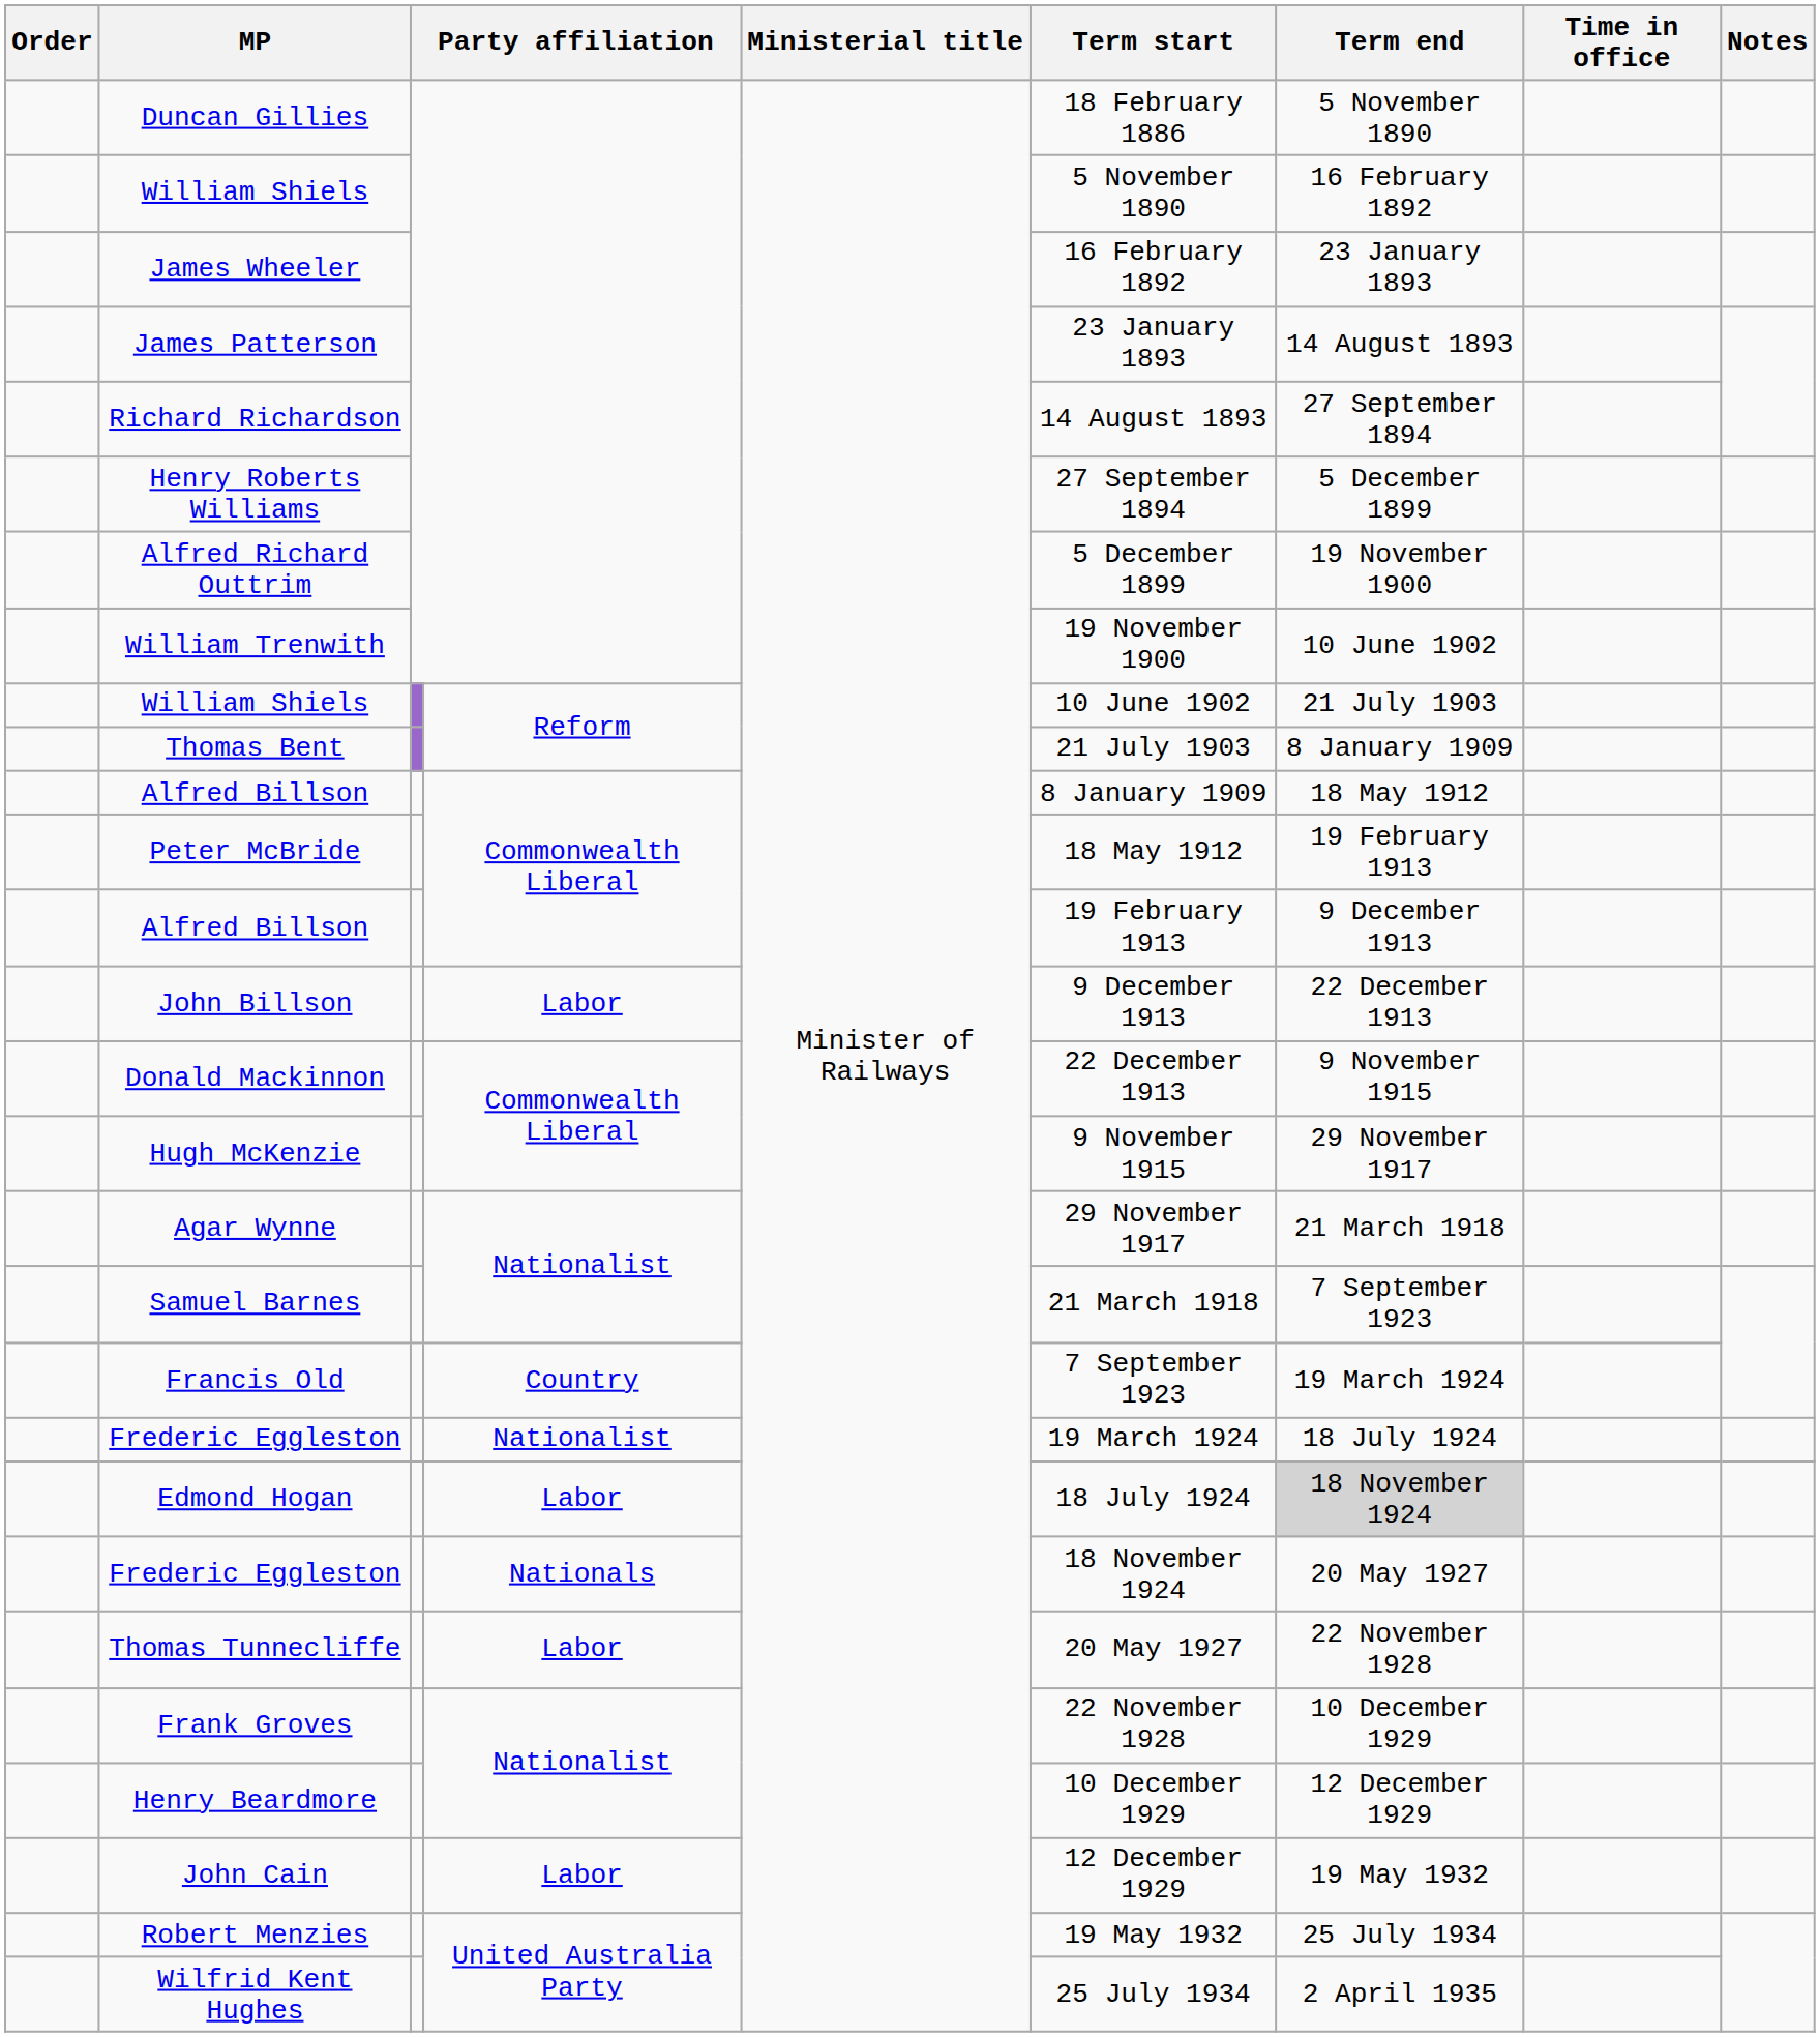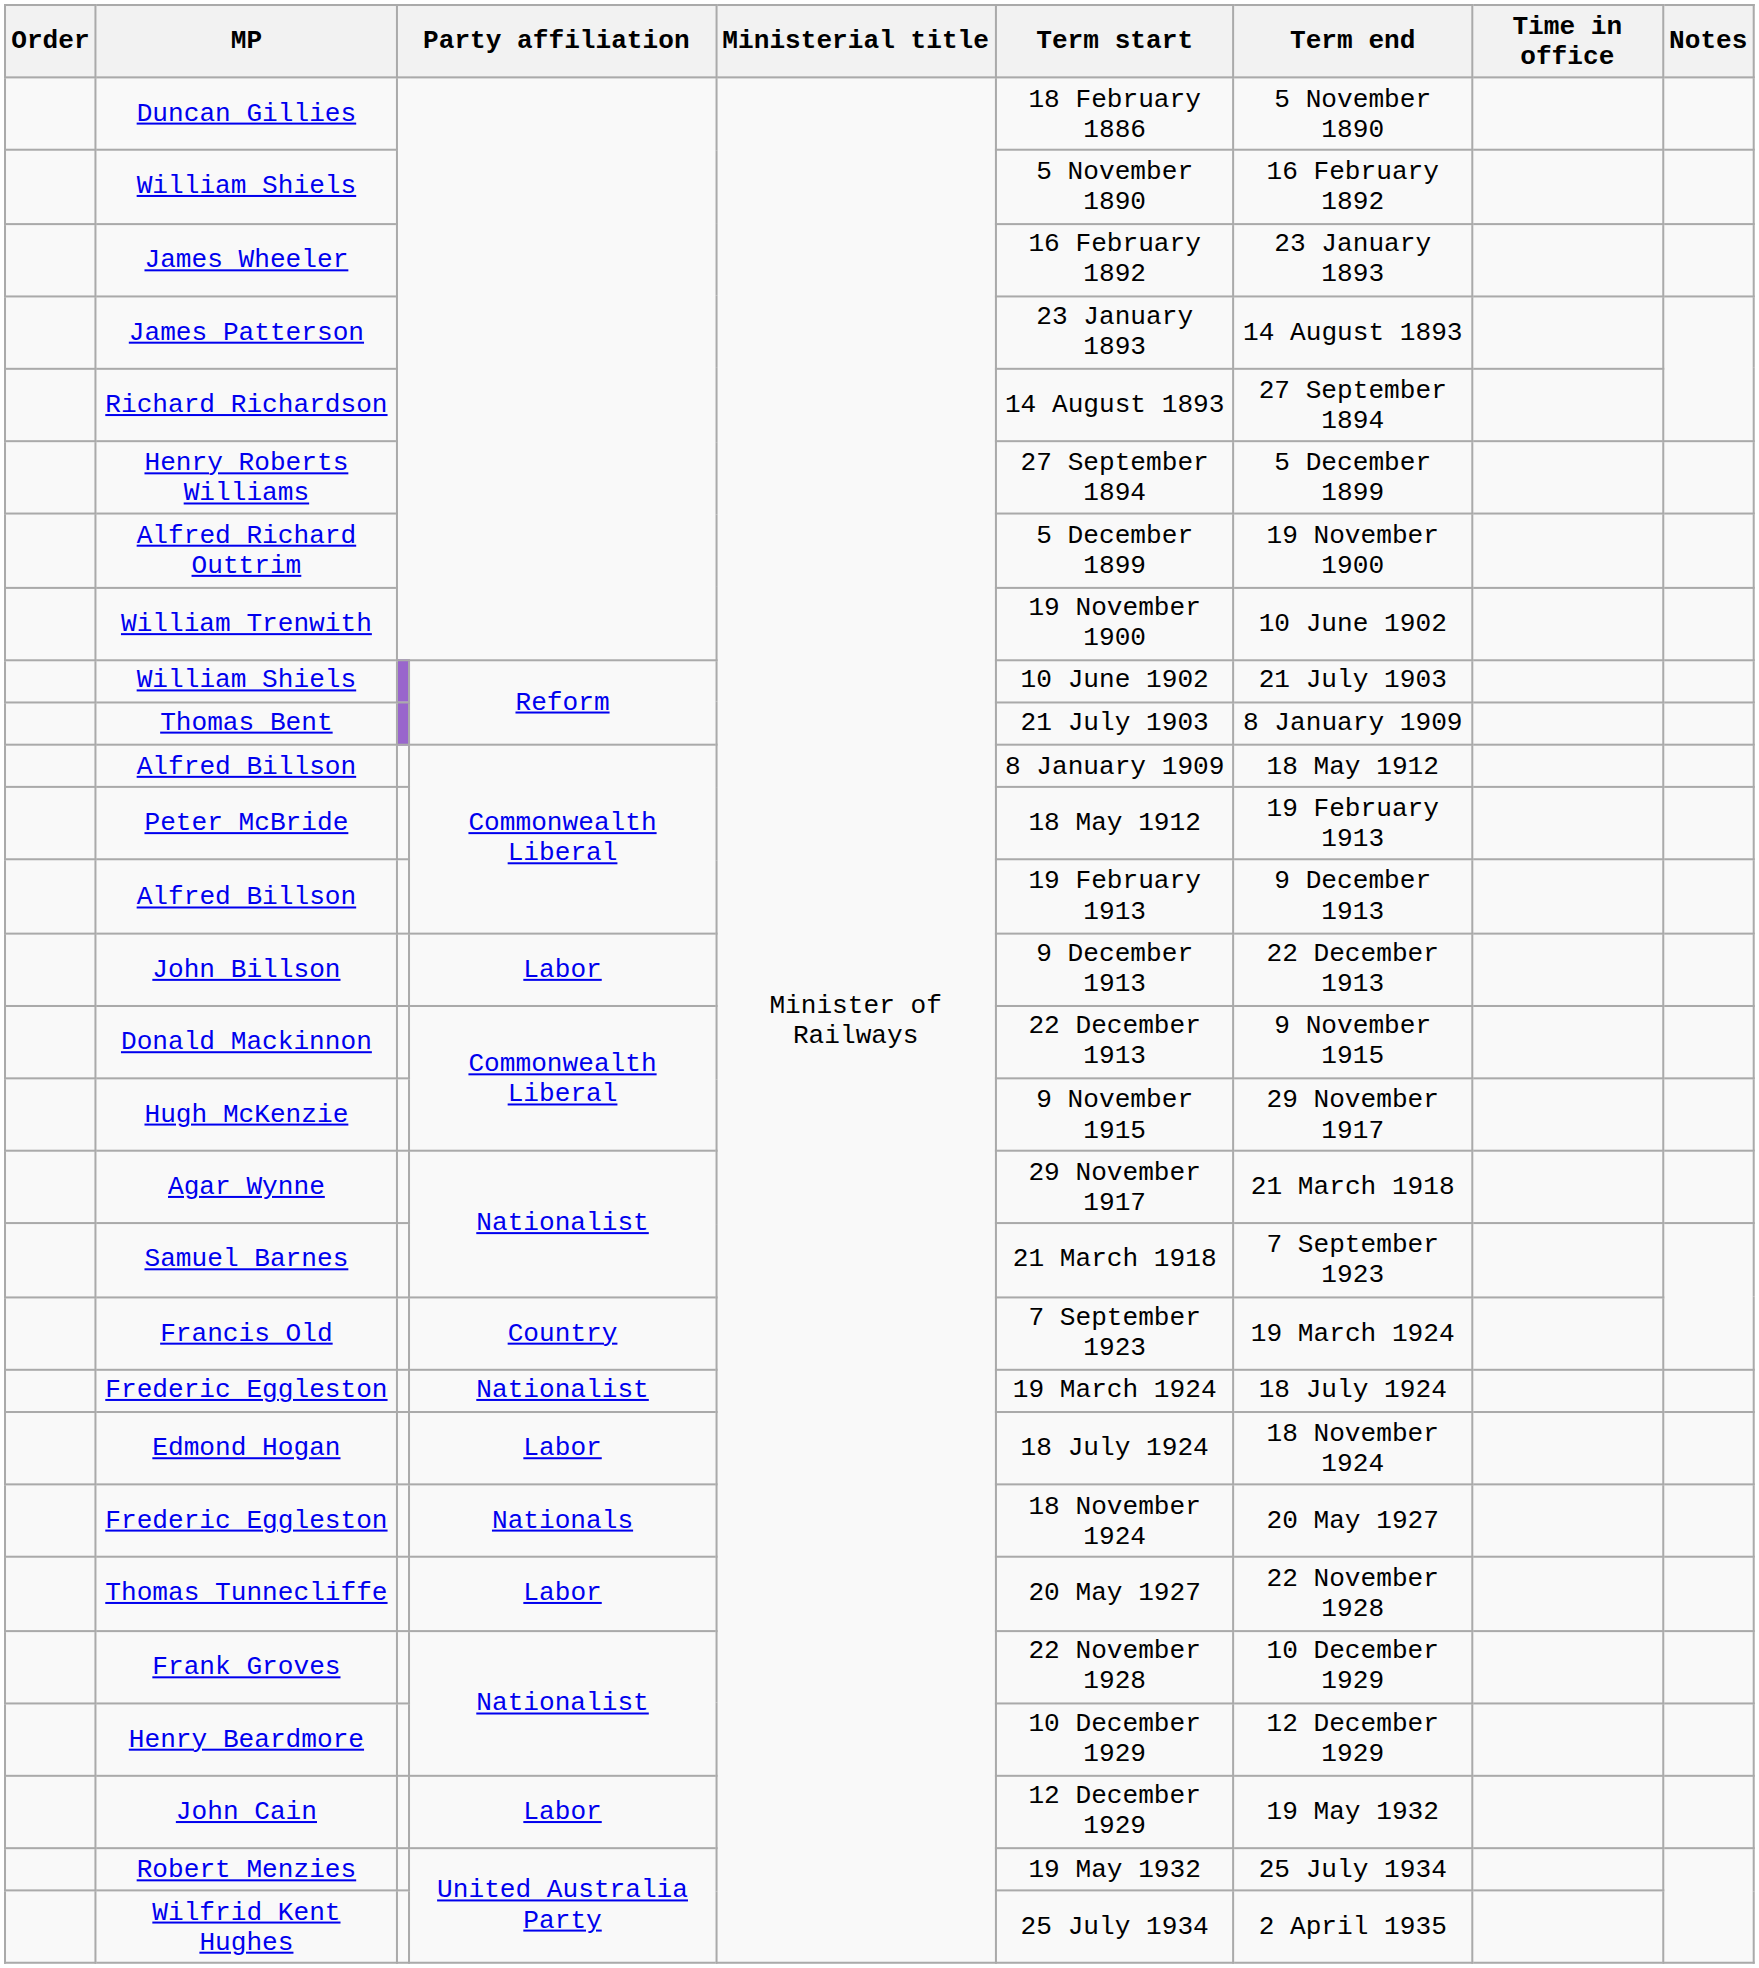 <table class="wikitable" style="text-align:center">
 <tr>
 <th>Order</th>
 <th>MP</th>
 <th colspan="2">Party affiliation</th>
 <th>Ministerial title</th>
 <th>Term start</th>
 <th>Term end</th>
 <th>Time in office</th>
 <th>Notes</th>
 </tr>
 <tr>
 <td></td>
 <td><a href='#'>Duncan Gillies</a> </td>
 <td colspan="2" rowspan="8"></td>
 <td rowspan="28">Minister of Railways</td>
 <td>18 February 1886</td>
 <td>5 November 1890</td>
 <td></td>
 <td></td>
 </tr>
 <tr>
 <td></td>
 <td><a href='#'>William Shiels</a> </td>
 <td>5 November 1890</td>
 <td>16 February 1892</td>
 <td></td>
 <td></td>
 </tr>
 <tr>
 <td></td>
 <td><a href='#'>James Wheeler</a> </td>
 <td>16 February 1892</td>
 <td>23 January 1893</td>
 <td></td>
 <td></td>
 </tr>
 <tr>
 <td></td>
 <td><a href='#'>James Patterson</a> </td>
 <td>23 January 1893</td>
 <td>14 August 1893</td>
 <td></td>
 <td rowspan="2"></td>
 </tr>
 <tr>
 <td></td>
 <td><a href='#'>Richard Richardson</a> </td>
 <td>14 August 1893</td>
 <td>27 September 1894</td>
 <td></td>
 </tr>
 <tr>
 <td></td>
 <td><a href='#'>Henry Roberts Williams</a> </td>
 <td>27 September 1894</td>
 <td>5 December 1899</td>
 <td></td>
 <td></td>
 </tr>
 <tr>
 <td></td>
 <td><a href='#'>Alfred Richard Outtrim</a> </td>
 <td>5 December 1899</td>
 <td>19 November 1900</td>
 <td></td>
 <td></td>
 </tr>
 <tr>
 <td></td>
 <td><a href='#'>William Trenwith</a> </td>
 <td>19 November 1900</td>
 <td>10 June 1902</td>
 <td></td>
 <td></td>
 </tr>
 <tr>
 <td></td>
 <td><a href='#'>William Shiels</a> </td>
 <td style="background:#9966CC"></td>
 <td rowspan="2"><a href='#'>Reform</a></td>
 <td>10 June 1902</td>
 <td>21 July 1903</td>
 <td></td>
 <td></td>
 </tr>
 <tr>
 <td></td>
 <td><a href='#'>Thomas Bent</a> </td>
 <td style="background:#9966CC"></td>
 <td>21 July 1903</td>
 <td>8 January 1909</td>
 <td></td>
 <td></td>
 </tr>
 <tr>
 <td></td>
 <td><a href='#'>Alfred Billson</a> </td>
 <td></td>
 <td rowspan="3"><a href='#'>Commonwealth Liberal</a></td>
 <td>8 January 1909</td>
 <td>18 May 1912</td>
 <td></td>
 <td></td>
 </tr>
 <tr>
 <td></td>
 <td><a href='#'>Peter McBride</a> </td>
 <td></td>
 <td>18 May 1912</td>
 <td>19 February 1913</td>
 <td></td>
 <td></td>
 </tr>
 <tr>
 <td></td>
 <td><a href='#'>Alfred Billson</a> </td>
 <td></td>
 <td>19 February 1913</td>
 <td>9 December 1913</td>
 <td></td>
 <td></td>
 </tr>
 <tr>
 <td></td>
 <td><a href='#'>John Billson</a> </td>
 <td></td>
 <td><a href='#'>Labor</a></td>
 <td>9 December 1913</td>
 <td>22 December 1913</td>
 <td></td>
 <td></td>
 </tr>
 <tr>
 <td></td>
 <td><a href='#'>Donald Mackinnon</a> </td>
 <td></td>
 <td rowspan="2"><a href='#'>Commonwealth Liberal</a></td>
 <td>22 December 1913</td>
 <td>9 November 1915</td>
 <td></td>
 <td></td>
 </tr>
 <tr>
 <td></td>
 <td><a href='#'>Hugh McKenzie</a> </td>
 <td></td>
 <td>9 November 1915</td>
 <td>29 November 1917</td>
 <td></td>
 <td></td>
 </tr>
 <tr>
 <td></td>
 <td><a href='#'>Agar Wynne</a> </td>
 <td></td>
 <td rowspan="2"><a href='#'> Nationalist</a></td>
 <td>29 November 1917</td>
 <td>21 March 1918</td>
 <td></td>
 <td></td>
 </tr>
 <tr>
 <td></td>
 <td><a href='#'>Samuel Barnes</a> </td>
 <td></td>
 <td>21 March 1918</td>
 <td>7 September 1923</td>
 <td></td>
 <td rowspan="2"></td>
 </tr>
 <tr>
 <td></td>
 <td><a href='#'>Francis Old</a> </td>
 <td></td>
 <td><a href='#'>Country</a></td>
 <td>7 September 1923</td>
 <td>19 March 1924</td>
 <td></td>
 </tr>
 <tr>
 <td></td>
 <td><a href='#'>Frederic Eggleston</a> </td>
 <td></td>
 <td><a href='#'> Nationalist</a></td>
 <td>19 March 1924</td>
 <td>18 July 1924</td>
 <td></td>
 <td></td>
 </tr>
 <tr>
 <td></td>
 <td><a href='#'>Edmond Hogan</a> </td>
 <td></td>
 <td><a href='#'>Labor</a></td>
 <td>18 July 1924</td>
-<td style="background: lightgrey;">18 November 1924</td>
+<td>18 November 1924</td>
 <td></td>
 <td></td>
 </tr>
 <tr>
 <td></td>
 <td><a href='#'>Frederic Eggleston</a> </td>
 <td></td>
 <td><a href='#'>Nationals</a></td>
 <td>18 November 1924</td>
 <td>20 May 1927</td>
 <td></td>
 <td></td>
 </tr>
 <tr>
 <td></td>
 <td><a href='#'>Thomas Tunnecliffe</a> </td>
 <td></td>
 <td><a href='#'>Labor</a></td>
 <td>20 May 1927</td>
 <td>22 November 1928</td>
 <td></td>
 <td></td>
 </tr>
 <tr>
 <td></td>
 <td><a href='#'>Frank Groves</a> </td>
 <td></td>
 <td rowspan="2"><a href='#'> Nationalist</a></td>
 <td>22 November 1928</td>
 <td>10 December 1929</td>
 <td></td>
 <td></td>
 </tr>
 <tr>
 <td></td>
 <td><a href='#'>Henry Beardmore</a> </td>
 <td></td>
 <td>10 December 1929</td>
 <td>12 December 1929</td>
 <td></td>
 <td></td>
 </tr>
 <tr>
 <td></td>
 <td><a href='#'>John Cain</a> </td>
 <td></td>
 <td><a href='#'>Labor</a></td>
 <td>12 December 1929</td>
 <td>19 May 1932</td>
 <td></td>
 <td></td>
 </tr>
 <tr>
 <td></td>
 <td><a href='#'>Robert Menzies</a> </td>
 <td></td>
 <td rowspan="2"><a href='#'>United Australia Party</a></td>
 <td>19 May 1932</td>
 <td>25 July 1934</td>
 <td></td>
 <td rowspan="2"></td>
 </tr>
 <tr>
 <td></td>
 <td><a href='#'>Wilfrid Kent Hughes</a> </td>
 <td></td>
 <td>25 July 1934</td>
 <td>2 April 1935</td>
 <td></td>
 </tr>
 </table>
